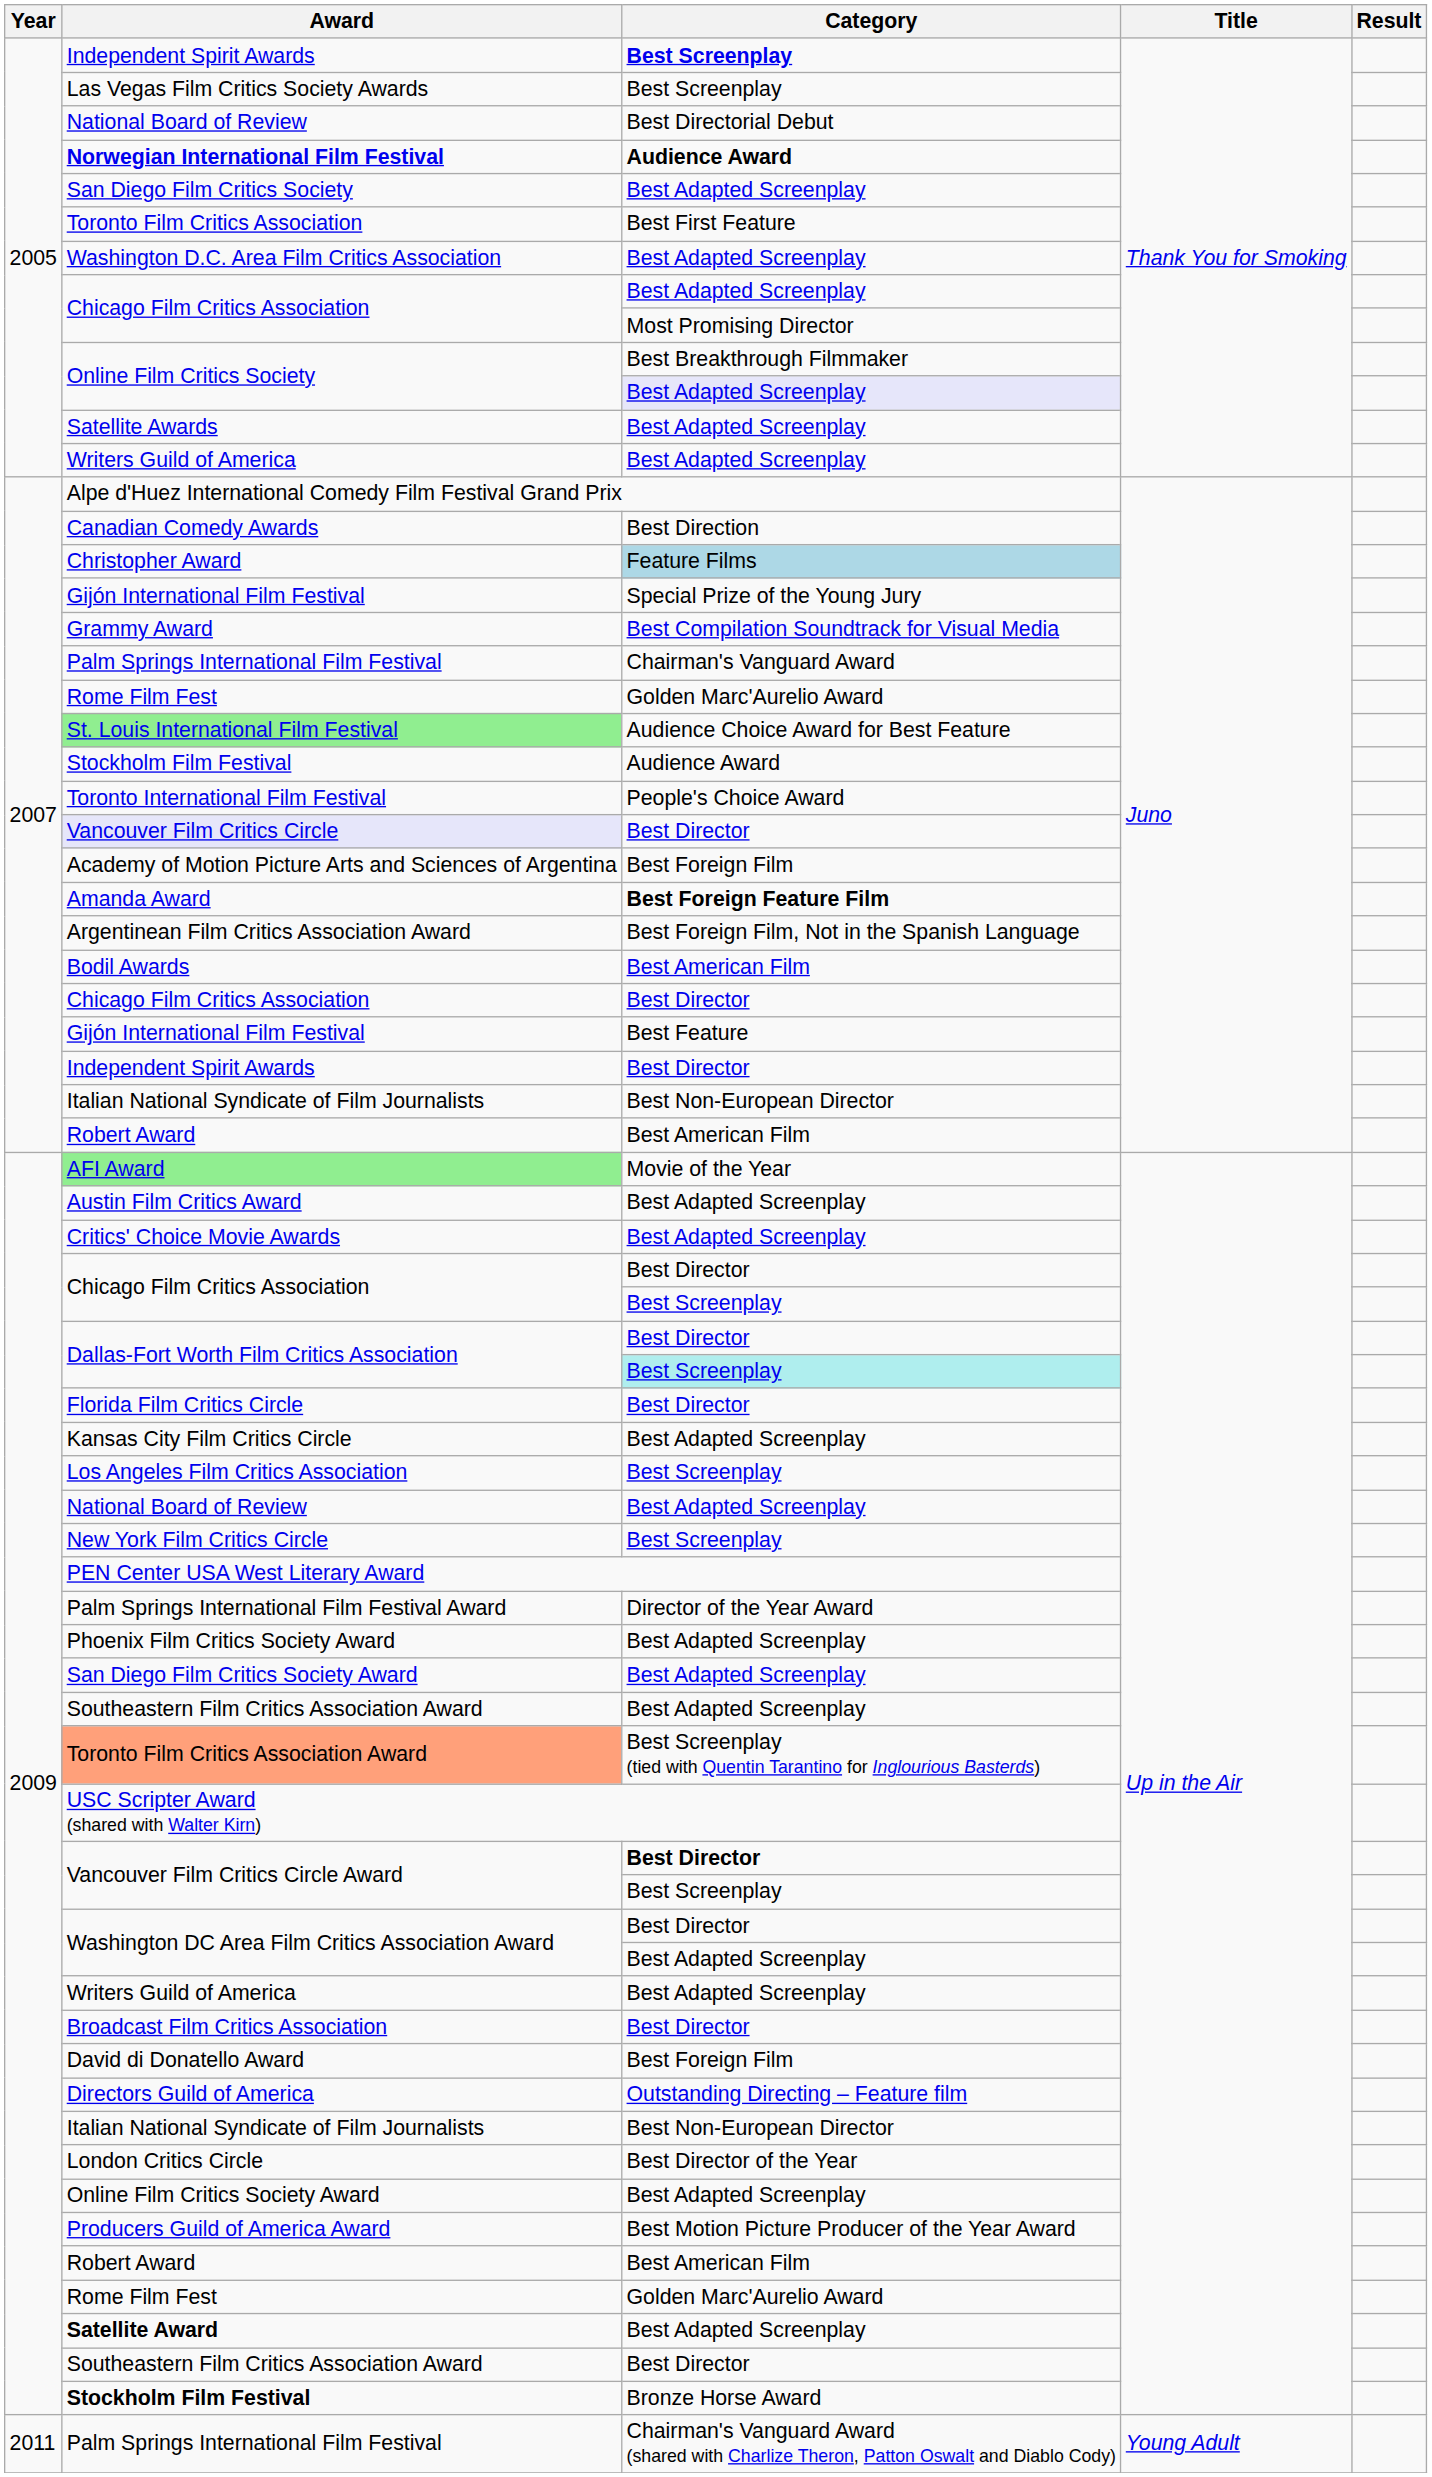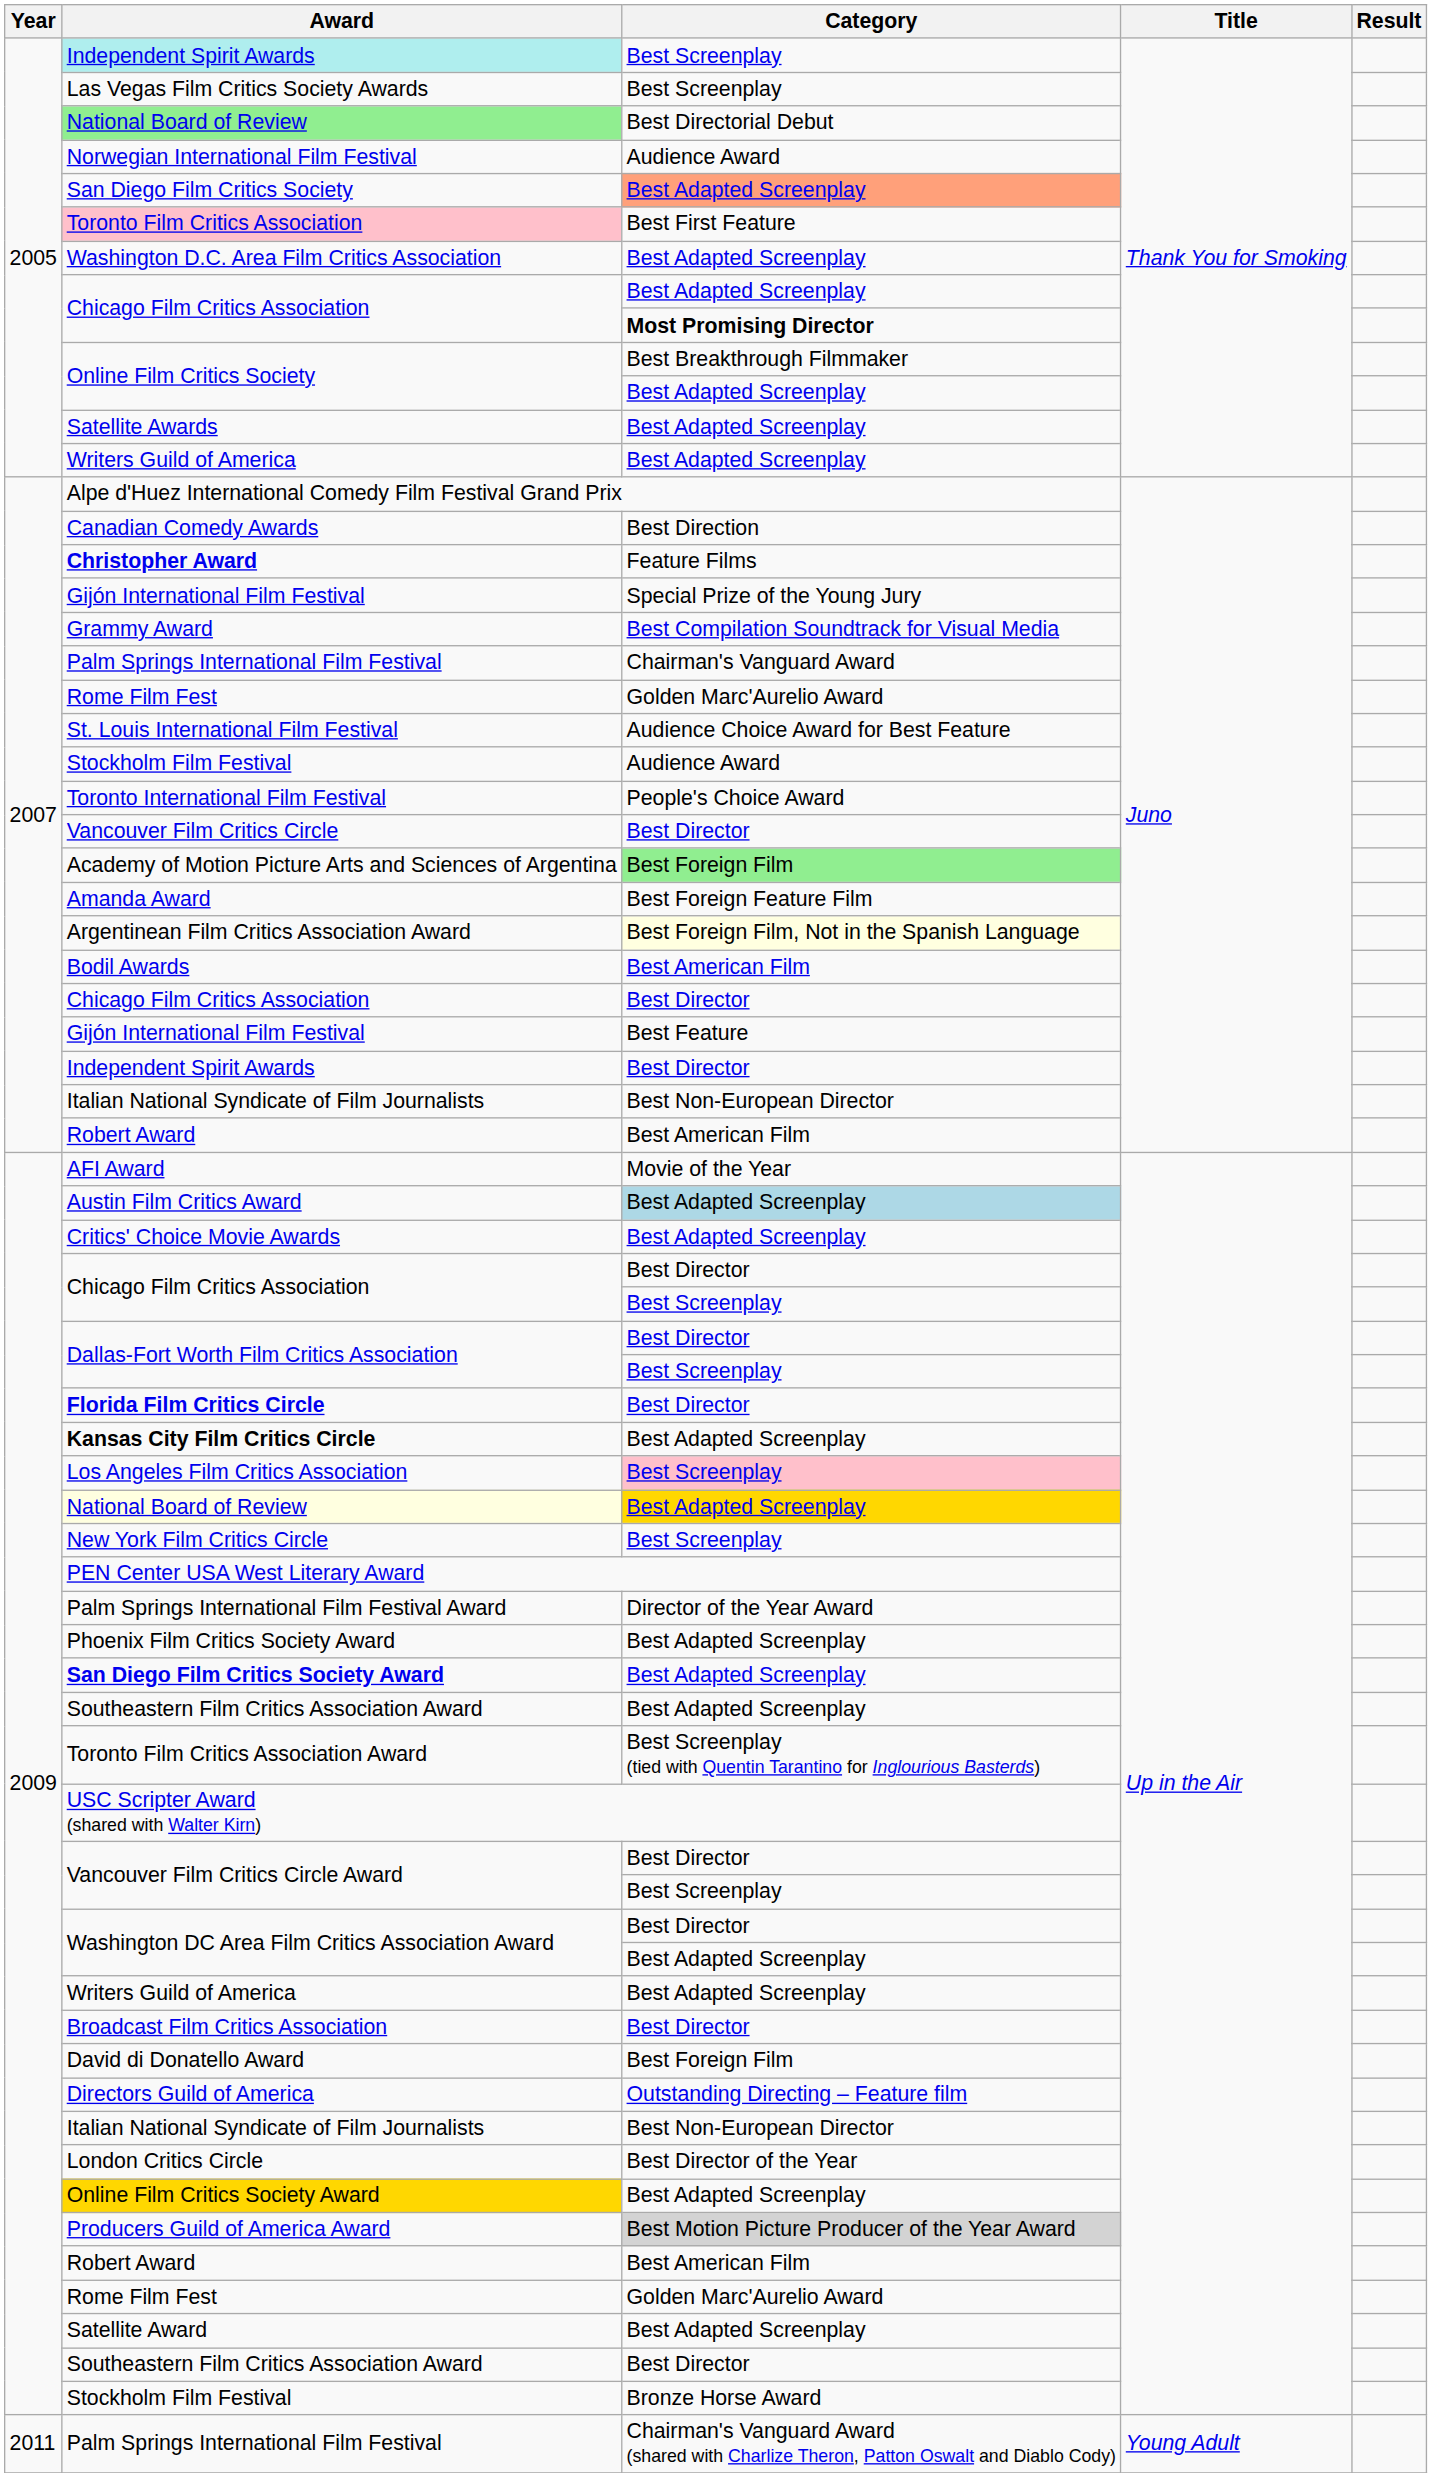 <table class="wikitable plainrowheaders">
 <tr>
 <th>Year</th>
 <th>Award</th>
 <th>Category</th>
 <th>Title</th>
 <th>Result</th>
 </tr>
 <tr>
 <td rowspan=13>2005</td>
-<td><a href='#'>Independent Spirit Awards</a></td>
-<td><strong><a href='#'>Best Screenplay</a></strong></td>
+<td style="background: paleturquoise;"><a href='#'>Independent Spirit Awards</a></td>
+<td><a href='#'>Best Screenplay</a></td>
 <td rowspan=13><em><a href='#'>Thank You for Smoking</a></em></td>
 <td></td>
 </tr>
 <tr>
 <td>Las Vegas Film Critics Society Awards</td>
 <td>Best Screenplay</td>
 <td></td>
 </tr>
 <tr>
-<td><a href='#'>National Board of Review</a></td>
+<td style="background: lightgreen;"><a href='#'>National Board of Review</a></td>
 <td>Best Directorial Debut</td>
 <td></td>
 </tr>
 <tr>
-<td><strong><a href='#'>Norwegian International Film Festival</a></strong></td>
-<td><strong>Audience Award</strong></td>
+<td><a href='#'>Norwegian International Film Festival</a></td>
+<td>Audience Award</td>
 <td></td>
 </tr>
 <tr>
 <td><a href='#'>San Diego Film Critics Society</a></td>
-<td><a href='#'>Best Adapted Screenplay</a></td>
+<td style="background: lightsalmon;"><a href='#'>Best Adapted Screenplay</a></td>
 <td></td>
 </tr>
 <tr>
-<td><a href='#'>Toronto Film Critics Association</a></td>
+<td style="background: pink;"><a href='#'>Toronto Film Critics Association</a></td>
 <td>Best First Feature</td>
 <td></td>
 </tr>
 <tr>
 <td><a href='#'>Washington D.C. Area Film Critics Association</a></td>
 <td><a href='#'>Best Adapted Screenplay</a></td>
 <td></td>
 </tr>
 <tr>
 <td rowspan=2><a href='#'>Chicago Film Critics Association</a></td>
 <td><a href='#'>Best Adapted Screenplay</a></td>
 <td></td>
 </tr>
 <tr>
-<td>Most Promising Director</td>
+<td><strong>Most Promising Director</strong></td>
 <td></td>
 </tr>
 <tr>
 <td rowspan=2><a href='#'>Online Film Critics Society</a></td>
 <td>Best Breakthrough Filmmaker</td>
 <td></td>
 </tr>
 <tr>
-<td style="background: lavender;"><a href='#'>Best Adapted Screenplay</a></td>
+<td><a href='#'>Best Adapted Screenplay</a></td>
 <td></td>
 </tr>
 <tr>
 <td><a href='#'>Satellite Awards</a></td>
 <td><a href='#'>Best Adapted Screenplay</a></td>
 <td></td>
 </tr>
 <tr>
 <td><a href='#'>Writers Guild of America</a></td>
 <td><a href='#'>Best Adapted Screenplay</a></td>
 <td></td>
 </tr>
 <tr>
 <td rowspan=20>2007</td>
 <td colspan=2>Alpe d'Huez International Comedy Film Festival Grand Prix</td>
 <td rowspan=20><em><a href='#'>Juno</a></em></td>
 <td></td>
 </tr>
 <tr>
 <td><a href='#'>Canadian Comedy Awards</a></td>
 <td>Best Direction</td>
 <td></td>
 </tr>
 <tr>
-<td><a href='#'>Christopher Award</a></td>
-<td style="background: lightblue;">Feature Films</td>
+<td><strong><a href='#'>Christopher Award</a></strong></td>
+<td>Feature Films</td>
 <td></td>
 </tr>
 <tr>
 <td><a href='#'>Gijón International Film Festival</a></td>
 <td>Special Prize of the Young Jury</td>
 <td></td>
 </tr>
 <tr>
 <td><a href='#'>Grammy Award</a></td>
 <td><a href='#'>Best Compilation Soundtrack for Visual Media</a></td>
 <td></td>
 </tr>
 <tr>
 <td><a href='#'>Palm Springs International Film Festival</a></td>
 <td>Chairman's Vanguard Award</td>
 <td></td>
 </tr>
 <tr>
 <td><a href='#'>Rome Film Fest</a></td>
 <td>Golden Marc'Aurelio Award</td>
 <td></td>
 </tr>
 <tr>
-<td style="background: lightgreen;"><a href='#'>St. Louis International Film Festival</a></td>
+<td><a href='#'>St. Louis International Film Festival</a></td>
 <td>Audience Choice Award for Best Feature</td>
 <td></td>
 </tr>
 <tr>
 <td><a href='#'>Stockholm Film Festival</a></td>
 <td>Audience Award</td>
 <td></td>
 </tr>
 <tr>
 <td><a href='#'>Toronto International Film Festival</a></td>
 <td>People's Choice Award</td>
 <td></td>
 </tr>
 <tr>
-<td style="background: lavender;"><a href='#'>Vancouver Film Critics Circle</a></td>
+<td><a href='#'>Vancouver Film Critics Circle</a></td>
 <td><a href='#'>Best Director</a></td>
 <td></td>
 </tr>
 <tr>
 <td>Academy of Motion Picture Arts and Sciences of Argentina</td>
-<td>Best Foreign Film</td>
+<td style="background: lightgreen;">Best Foreign Film</td>
 <td></td>
 </tr>
 <tr>
 <td><a href='#'>Amanda Award</a></td>
-<td><strong>Best Foreign Feature Film</strong></td>
+<td>Best Foreign Feature Film</td>
 <td></td>
 </tr>
 <tr>
 <td>Argentinean Film Critics Association Award</td>
-<td>Best Foreign Film, Not in the Spanish Language</td>
+<td style="background: lightyellow;">Best Foreign Film, Not in the Spanish Language</td>
 <td></td>
 </tr>
 <tr>
 <td><a href='#'>Bodil Awards</a></td>
 <td><a href='#'>Best American Film</a></td>
 <td></td>
 </tr>
 <tr>
 <td><a href='#'>Chicago Film Critics Association</a></td>
 <td><a href='#'>Best Director</a></td>
 <td></td>
 </tr>
 <tr>
 <td><a href='#'>Gijón International Film Festival</a></td>
 <td>Best Feature</td>
 <td></td>
 </tr>
 <tr>
 <td><a href='#'>Independent Spirit Awards</a></td>
 <td><a href='#'>Best Director</a></td>
 <td></td>
 </tr>
 <tr>
 <td>Italian National Syndicate of Film Journalists</td>
 <td>Best Non-European Director</td>
 <td></td>
 </tr>
 <tr>
 <td><a href='#'>Robert Award</a></td>
 <td>Best American Film</td>
 <td></td>
 </tr>
 <tr>
 <td rowspan=36>2009</td>
-<td style="background: lightgreen;"><a href='#'>AFI Award</a></td>
+<td><a href='#'>AFI Award</a></td>
 <td>Movie of the Year</td>
 <td rowspan=36><em><a href='#'>Up in the Air</a></em></td>
 <td></td>
 </tr>
 <tr>
 <td><a href='#'>Austin Film Critics Award</a></td>
-<td>Best Adapted Screenplay</td>
+<td style="background: lightblue;">Best Adapted Screenplay</td>
 <td></td>
 </tr>
 <tr>
 <td><a href='#'>Critics' Choice Movie Awards</a></td>
 <td><a href='#'>Best Adapted Screenplay</a></td>
 <td></td>
 </tr>
 <tr>
 <td rowspan=2>Chicago Film Critics Association</td>
 <td>Best Director</td>
 <td></td>
 </tr>
 <tr>
 <td><a href='#'>Best Screenplay</a></td>
 <td></td>
 </tr>
 <tr>
 <td rowspan=2><a href='#'>Dallas-Fort Worth Film Critics Association</a></td>
 <td><a href='#'>Best Director</a></td>
 <td></td>
 </tr>
 <tr>
-<td style="background: paleturquoise;"><a href='#'>Best Screenplay</a></td>
+<td><a href='#'>Best Screenplay</a></td>
 <td></td>
 </tr>
 <tr>
-<td><a href='#'>Florida Film Critics Circle</a></td>
+<td><strong><a href='#'>Florida Film Critics Circle</a></strong></td>
 <td><a href='#'>Best Director</a></td>
 <td></td>
 </tr>
 <tr>
-<td>Kansas City Film Critics Circle</td>
+<td><strong>Kansas City Film Critics Circle</strong></td>
 <td>Best Adapted Screenplay</td>
 <td></td>
 </tr>
 <tr>
 <td><a href='#'>Los Angeles Film Critics Association</a></td>
-<td><a href='#'>Best Screenplay</a></td>
+<td style="background: pink;"><a href='#'>Best Screenplay</a></td>
 <td></td>
 </tr>
 <tr>
-<td><a href='#'>National Board of Review</a></td>
-<td><a href='#'>Best Adapted Screenplay</a></td>
+<td style="background: lightyellow;"><a href='#'>National Board of Review</a></td>
+<td style="background: gold;"><a href='#'>Best Adapted Screenplay</a></td>
 <td></td>
 </tr>
 <tr>
 <td><a href='#'>New York Film Critics Circle</a></td>
 <td><a href='#'>Best Screenplay</a></td>
 <td></td>
 </tr>
 <tr>
 <td colspan=2><a href='#'>PEN Center USA West Literary Award</a></td>
 <td></td>
 </tr>
 <tr>
 <td>Palm Springs International Film Festival Award</td>
 <td>Director of the Year Award</td>
 <td></td>
 </tr>
 <tr>
 <td>Phoenix Film Critics Society Award</td>
 <td>Best Adapted Screenplay</td>
 <td></td>
 </tr>
 <tr>
-<td><a href='#'>San Diego Film Critics Society Award</a></td>
+<td><strong><a href='#'>San Diego Film Critics Society Award</a></strong></td>
 <td><a href='#'>Best Adapted Screenplay</a></td>
 <td></td>
 </tr>
 <tr>
 <td>Southeastern Film Critics Association Award</td>
 <td>Best Adapted Screenplay</td>
 <td></td>
 </tr>
 <tr>
-<td style="background: lightsalmon;">Toronto Film Critics Association Award</td>
+<td>Toronto Film Critics Association Award</td>
 <td>Best Screenplay<br><small>(tied with <a href='#'>Quentin Tarantino</a> for <em><a href='#'>Inglourious Basterds</a></em>)</small></td>
 <td></td>
 </tr>
 <tr>
 <td colspan=2><a href='#'>USC Scripter Award</a><br><small>(shared with <a href='#'>Walter Kirn</a>)</small></td>
 <td></td>
 </tr>
 <tr>
 <td rowspan=2>Vancouver Film Critics Circle Award</td>
-<td><strong>Best Director</strong></td>
+<td>Best Director</td>
 <td></td>
 </tr>
 <tr>
 <td>Best Screenplay</td>
 <td></td>
 </tr>
 <tr>
 <td rowspan=2>Washington DC Area Film Critics Association Award</td>
 <td>Best Director</td>
 <td></td>
 </tr>
 <tr>
 <td>Best Adapted Screenplay</td>
 <td></td>
 </tr>
 <tr>
 <td>Writers Guild of America</td>
 <td>Best Adapted Screenplay</td>
 <td></td>
 </tr>
 <tr>
 <td><a href='#'>Broadcast Film Critics Association</a></td>
 <td><a href='#'>Best Director</a></td>
 <td></td>
 </tr>
 <tr>
 <td>David di Donatello Award</td>
 <td>Best Foreign Film</td>
 <td></td>
 </tr>
 <tr>
 <td><a href='#'>Directors Guild of America</a></td>
 <td><a href='#'>Outstanding Directing – Feature film</a></td>
 <td></td>
 </tr>
 <tr>
 <td>Italian National Syndicate of Film Journalists</td>
 <td>Best Non-European Director</td>
 <td></td>
 </tr>
 <tr>
 <td>London Critics Circle</td>
 <td>Best Director of the Year</td>
 <td></td>
 </tr>
 <tr>
-<td>Online Film Critics Society Award</td>
+<td style="background: gold;">Online Film Critics Society Award</td>
 <td>Best Adapted Screenplay</td>
 <td></td>
 </tr>
 <tr>
 <td><a href='#'>Producers Guild of America Award</a></td>
-<td>Best Motion Picture Producer of the Year Award</td>
+<td style="background: lightgrey;">Best Motion Picture Producer of the Year Award</td>
 <td></td>
 </tr>
 <tr>
 <td>Robert Award</td>
 <td>Best American Film</td>
 <td></td>
 </tr>
 <tr>
 <td>Rome Film Fest</td>
 <td>Golden Marc'Aurelio Award</td>
 <td></td>
 </tr>
 <tr>
-<td><strong>Satellite Award</strong></td>
+<td>Satellite Award</td>
 <td>Best Adapted Screenplay</td>
 <td></td>
 </tr>
 <tr>
 <td>Southeastern Film Critics Association Award</td>
 <td>Best Director</td>
 <td></td>
 </tr>
 <tr>
-<td><strong>Stockholm Film Festival</strong></td>
+<td>Stockholm Film Festival</td>
 <td>Bronze Horse Award</td>
 <td></td>
 </tr>
 <tr>
 <td>2011</td>
 <td>Palm Springs International Film Festival</td>
 <td>Chairman's Vanguard Award<br><small>(shared with <a href='#'>Charlize Theron</a>, <a href='#'>Patton Oswalt</a> and Diablo Cody)</small></td>
 <td><em><a href='#'>Young Adult</a></em></td>
 <td></td>
 </tr>
 <tr>
 </tr>
 </table>
